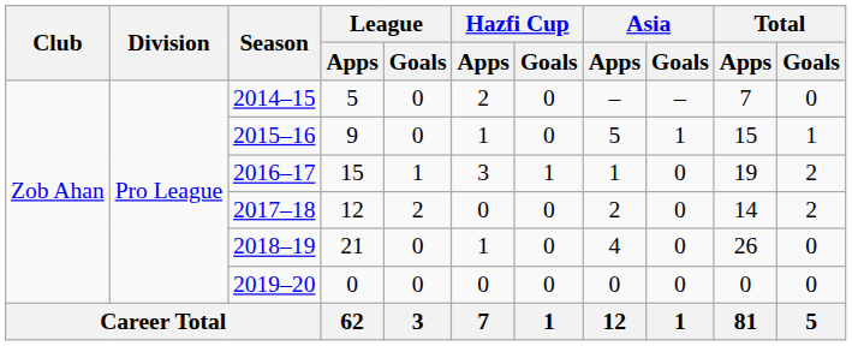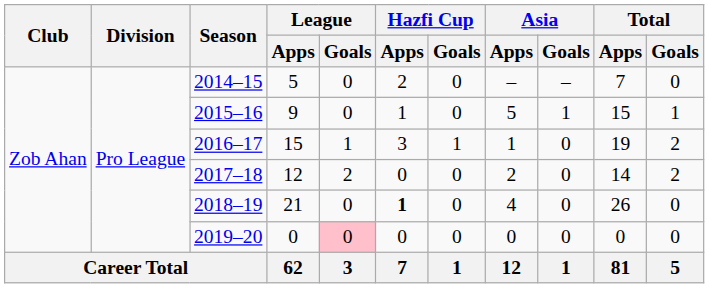 <table class="wikitable" style="text-align: center;">
 <tr>
 <th rowspan="2">Club</th>
 <th rowspan="2">Division</th>
 <th rowspan="2">Season</th>
 <th colspan="2">League</th>
 <th colspan="2"><a href='#'>Hazfi Cup</a></th>
 <th colspan="2"><a href='#'>Asia</a></th>
 <th colspan="2">Total</th>
 </tr>
 <tr>
 <th>Apps</th>
 <th>Goals</th>
 <th>Apps</th>
 <th>Goals</th>
 <th>Apps</th>
 <th>Goals</th>
 <th>Apps</th>
 <th>Goals</th>
 </tr>
 <tr>
 <td rowspan="6"><a href='#'>Zob Ahan</a></td>
 <td rowspan="6"><a href='#'>Pro League</a></td>
 <td><a href='#'>2014–15</a></td>
 <td>5</td>
 <td>0</td>
 <td>2</td>
 <td>0</td>
 <td>–</td>
 <td>–</td>
 <td>7</td>
 <td>0</td>
 </tr>
 <tr>
 <td><a href='#'>2015–16</a></td>
 <td>9</td>
 <td>0</td>
 <td>1</td>
 <td>0</td>
 <td>5</td>
 <td>1</td>
 <td>15</td>
 <td>1</td>
 </tr>
 <tr>
 <td><a href='#'>2016–17</a></td>
 <td>15</td>
 <td>1</td>
 <td>3</td>
 <td>1</td>
 <td>1</td>
 <td>0</td>
 <td>19</td>
 <td>2</td>
 </tr>
 <tr>
 <td><a href='#'>2017–18</a></td>
 <td>12</td>
 <td>2</td>
 <td>0</td>
 <td>0</td>
 <td>2</td>
 <td>0</td>
 <td>14</td>
 <td>2</td>
 </tr>
 <tr>
 <td><a href='#'>2018–19</a></td>
 <td>21</td>
 <td>0</td>
-<td>1</td>
+<td><strong>1</strong></td>
 <td>0</td>
 <td>4</td>
 <td>0</td>
 <td>26</td>
 <td>0</td>
 </tr>
 <tr>
 <td><a href='#'>2019–20</a></td>
 <td>0</td>
-<td>0</td>
+<td style="background: pink;">0</td>
 <td>0</td>
 <td>0</td>
 <td>0</td>
 <td>0</td>
 <td>0</td>
 <td>0</td>
 </tr>
 <tr>
 <th colspan=3>Career Total</th>
 <th>62</th>
 <th>3</th>
 <th>7</th>
 <th>1</th>
 <th>12</th>
 <th>1</th>
 <th>81</th>
 <th>5</th>
 </tr>
 </table>
